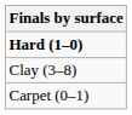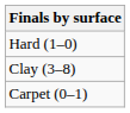 <table class=wikitable style=font-size:90%>
 <tr>
 <th>Finals by surface</th>
 </tr>
 <tr>
-<td><strong>Hard (1–0)</strong></td>
+<td>Hard (1–0)</td>
 </tr>
 <tr>
 <td>Clay (3–8)</td>
 </tr>
 <tr>
 <td>Carpet (0–1)</td>
 </tr>
 </table>
